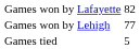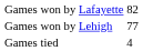 <table style="padding:0px; spacing:0px; background:transparent;">
 <tr>
 <td>Games won by <a href='#'>Lafayette</a></td>
 <td><div>82</div></td>
 </tr>
 <tr>
 <td>Games won by <a href='#'>Lehigh</a></td>
 <td><div>77</div></td>
 </tr>
 <tr>
 <td>Games tied</td>
-<td><div>5</div></td>
+<td><div>4</div></td>
 </tr>
 </table>
